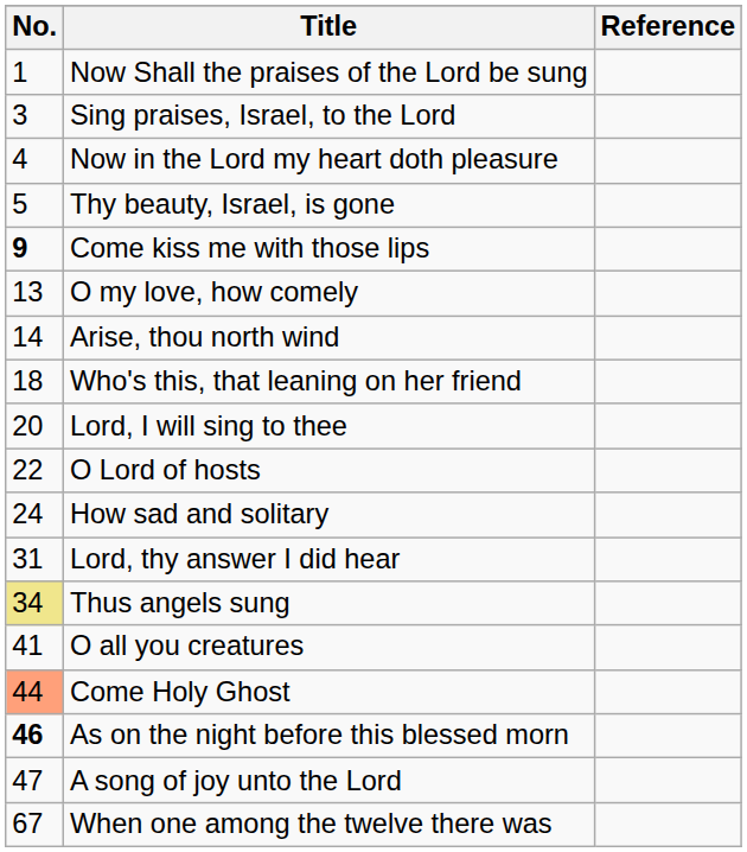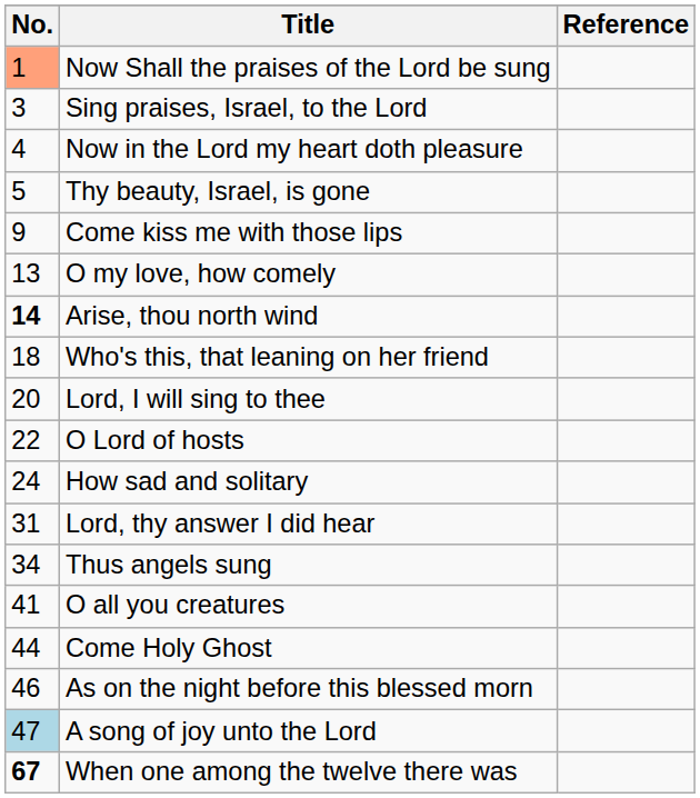 <table class = "wikitable sortable">
 <tr>
 </tr>
 <tr>
 <th scope="col">No.</th>
 <th scope="col">Title</th>
 <th scope="col">Reference</th>
 </tr>
 <tr>
-<td>1</td>
+<td style="background: lightsalmon;">1</td>
 <td>Now Shall the praises of the Lord be sung</td>
 <td></td>
 </tr>
 <tr>
 <td>3</td>
 <td>Sing praises, Israel, to the Lord</td>
 <td></td>
 </tr>
 <tr>
 <td>4</td>
 <td>Now in the Lord my heart doth pleasure</td>
 <td></td>
 </tr>
 <tr>
 <td>5</td>
 <td>Thy beauty, Israel, is gone</td>
 <td></td>
 </tr>
 <tr>
-<td><strong>9</strong></td>
+<td>9</td>
 <td>Come kiss me with those lips</td>
 <td></td>
 </tr>
 <tr>
 <td>13</td>
 <td>O my love, how comely</td>
 <td></td>
 </tr>
 <tr>
-<td>14</td>
+<td><strong>14</strong></td>
 <td>Arise, thou north wind</td>
 <td></td>
 </tr>
 <tr>
 <td>18</td>
 <td>Who's this, that leaning on her friend</td>
 <td></td>
 </tr>
 <tr>
 <td>20</td>
 <td>Lord, I will sing to thee</td>
 <td></td>
 </tr>
 <tr>
 <td>22</td>
 <td>O Lord of hosts</td>
 <td></td>
 </tr>
 <tr>
 <td>24</td>
 <td>How sad and solitary</td>
 <td></td>
 </tr>
 <tr>
 <td>31</td>
 <td>Lord, thy answer I did hear</td>
 <td></td>
 </tr>
 <tr>
-<td style="background: khaki;">34</td>
+<td>34</td>
 <td>Thus angels sung</td>
 <td></td>
 </tr>
 <tr>
 <td>41</td>
 <td>O all you creatures</td>
 <td></td>
 </tr>
 <tr>
-<td style="background: lightsalmon;">44</td>
+<td>44</td>
 <td>Come Holy Ghost</td>
 <td></td>
 </tr>
 <tr>
-<td><strong>46</strong></td>
+<td>46</td>
 <td>As on the night before this blessed morn</td>
 <td></td>
 </tr>
 <tr>
-<td>47</td>
+<td style="background: lightblue;">47</td>
 <td>A song of joy unto the Lord</td>
 <td></td>
 </tr>
 <tr>
-<td>67</td>
+<td><strong>67</strong></td>
 <td>When one among the twelve there was</td>
 <td></td>
 </tr>
 </table>
